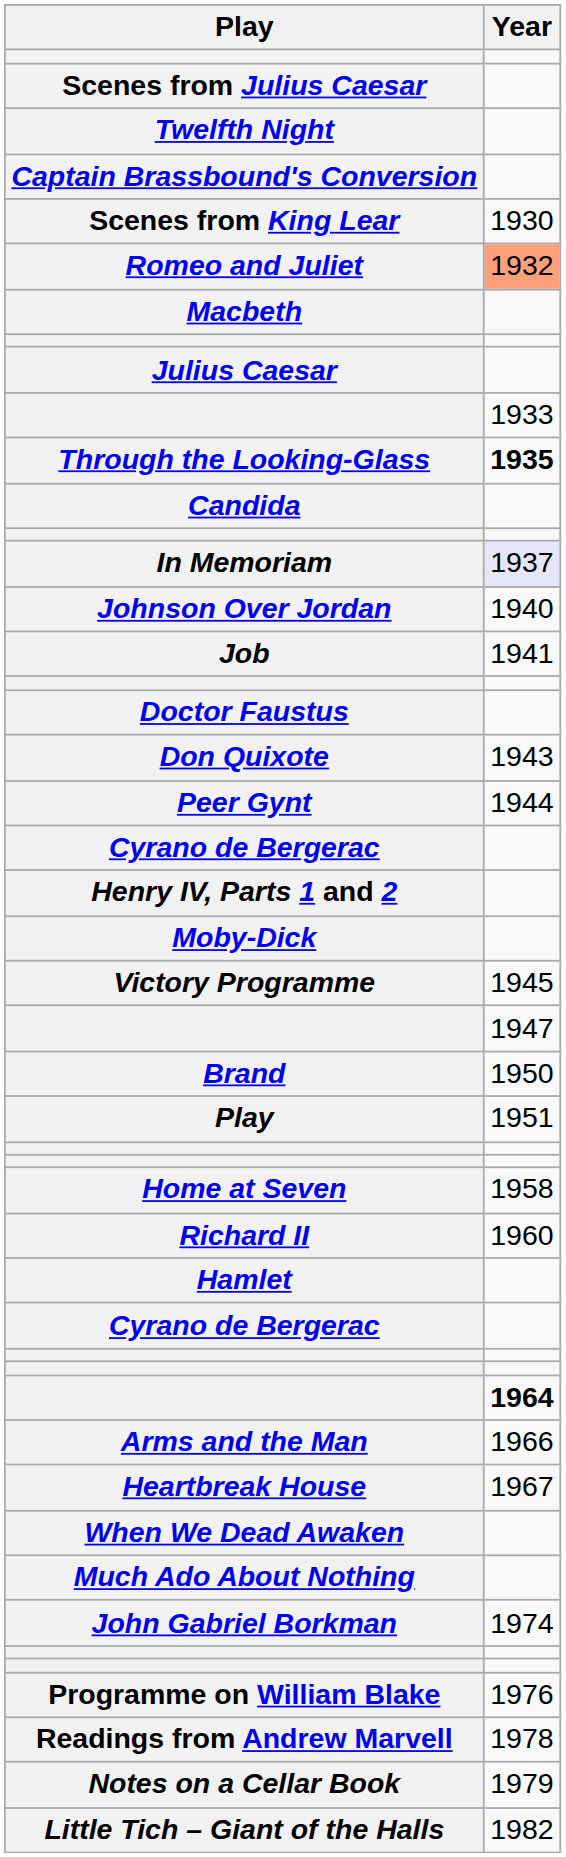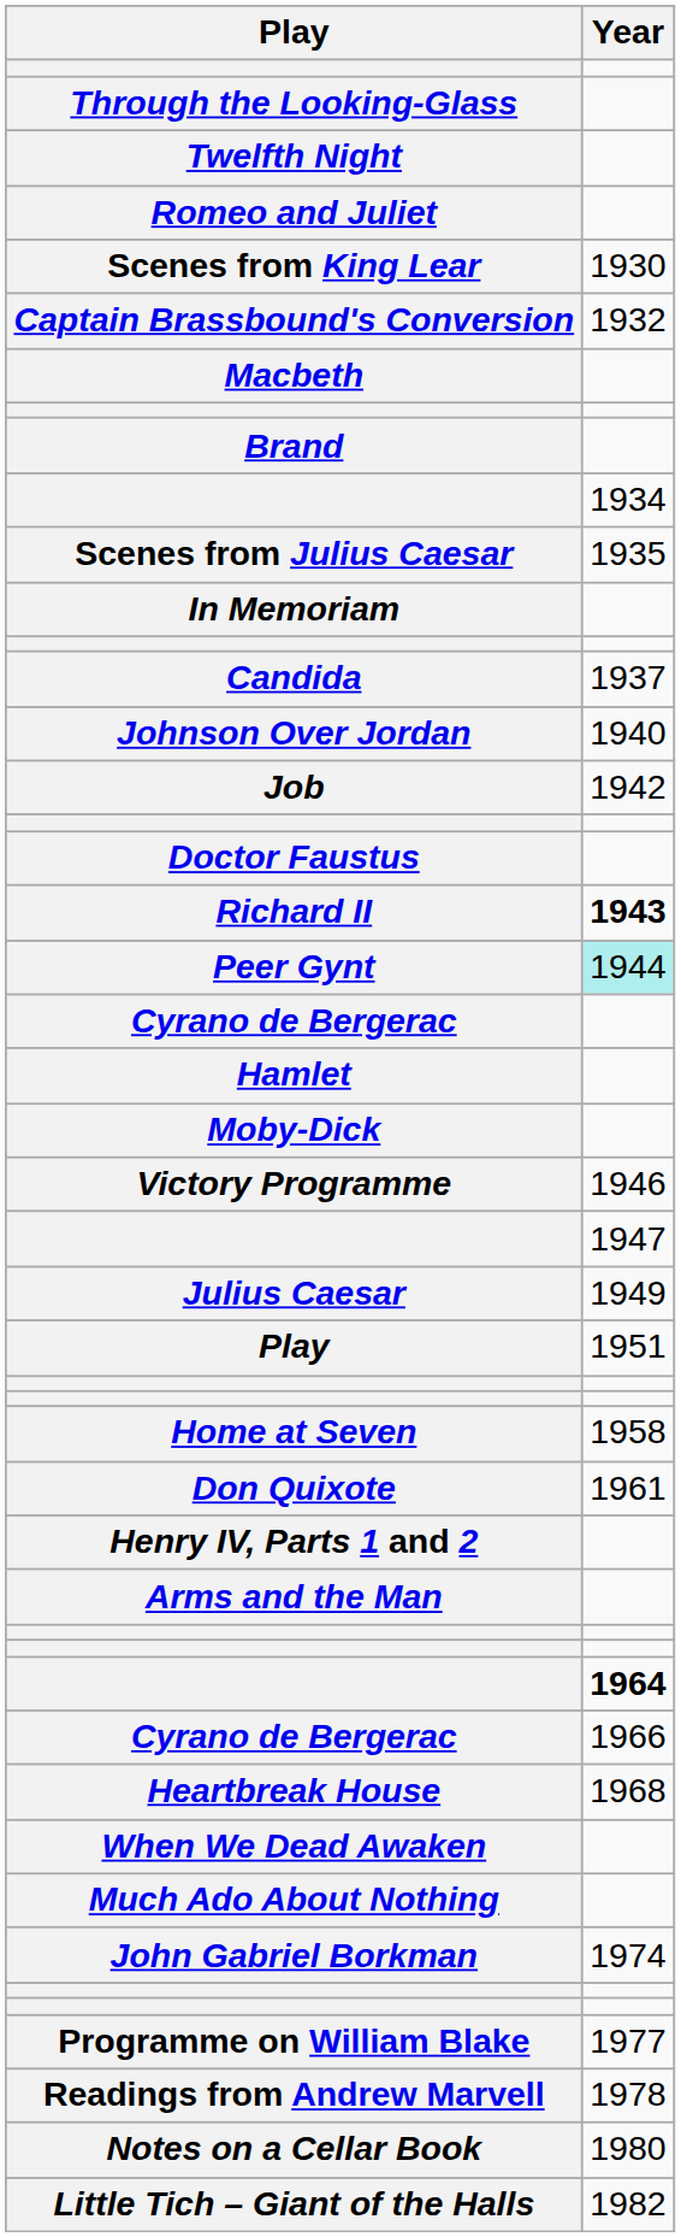 <table class="wikitable plainrowheaders sortable" style="margin-right: 0;">
 <tr>
 <th scope="col">Play</th>
 <th scope="col">Year</th>
 </tr>
 <tr>
 <th scope="row"></th>
 <td></td>
 </tr>
 <tr>
-<th scope="row">Scenes from <em><a href='#'>Julius Caesar</a></em></th>
+<th scope="row"><em><a href='#'>Through the Looking-Glass</a></em></th>
 <td></td>
 </tr>
 <tr>
 <th scope="row"><em><a href='#'>Twelfth Night</a></em></th>
 <td></td>
 </tr>
 <tr>
-<th scope="row"><em><a href='#'>Captain Brassbound's Conversion</a></em></th>
+<th scope="row"><em><a href='#'>Romeo and Juliet</a></em></th>
 <td></td>
 </tr>
 <tr>
 <th scope="row">Scenes from <em><a href='#'>King Lear</a></em></th>
 <td>1930</td>
 </tr>
 <tr>
-<th scope="row"><em><a href='#'>Romeo and Juliet</a></em></th>
-<td style="background: lightsalmon;">1932</td>
+<th scope="row"><em><a href='#'>Captain Brassbound's Conversion</a></em></th>
+<td>1932</td>
 </tr>
 <tr>
 <th scope="row"><em><a href='#'>Macbeth</a></em></th>
 <td></td>
 </tr>
 <tr>
 <th scope="row"></th>
 <td></td>
 </tr>
 <tr>
-<th scope="row"><em><a href='#'>Julius Caesar</a></em></th>
+<th scope="row"><em><a href='#'>Brand</a></em></th>
 <td></td>
 </tr>
 <tr>
 <th scope="row"></th>
-<td>1933</td>
+<td>1934</td>
 </tr>
 <tr>
-<th scope="row"><em><a href='#'>Through the Looking-Glass</a></em></th>
-<td><strong>1935</strong></td>
+<th scope="row">Scenes from <em><a href='#'>Julius Caesar</a></em></th>
+<td>1935</td>
 </tr>
 <tr>
-<th scope="row"><em><a href='#'>Candida</a></em></th>
+<th scope="row"><em>In Memoriam</em></th>
 <td></td>
 </tr>
 <tr>
 <th scope="row"></th>
 <td></td>
 </tr>
 <tr>
-<th scope="row"><em>In Memoriam</em></th>
-<td style="background: lavender;">1937</td>
+<th scope="row"><em><a href='#'>Candida</a></em></th>
+<td>1937</td>
 </tr>
 <tr>
 <th scope="row"><em><a href='#'>Johnson Over Jordan</a></em></th>
 <td>1940</td>
 </tr>
 <tr>
 <th scope="row"><em>Job</em></th>
-<td>1941</td>
+<td>1942</td>
 </tr>
 <tr>
 <th scope="row"></th>
 <td></td>
 </tr>
 <tr>
 <th scope="row"><em><a href='#'>Doctor Faustus</a></em></th>
 <td></td>
 </tr>
 <tr>
-<th scope="row"><em><a href='#'>Don Quixote</a></em></th>
-<td>1943</td>
+<th scope="row"><em><a href='#'>Richard II</a></em></th>
+<td><strong>1943</strong></td>
 </tr>
 <tr>
 <th scope="row"><em><a href='#'>Peer Gynt</a></em></th>
-<td>1944</td>
+<td style="background: paleturquoise;">1944</td>
 </tr>
 <tr>
 <th scope="row"><em><a href='#'>Cyrano de Bergerac</a></em></th>
 <td></td>
 </tr>
 <tr>
-<th scope="row"><em>Henry IV, Parts</em> <em><a href='#'>1</a></em> and <em><a href='#'>2</a></em></th>
+<th scope="row"><em><a href='#'>Hamlet</a></em></th>
 <td></td>
 </tr>
 <tr>
 <th scope="row"><em><a href='#'>Moby-Dick</a></em></th>
 <td></td>
 </tr>
 <tr>
 <th scope="row"><em>Victory Programme</em></th>
-<td>1945</td>
+<td>1946</td>
 </tr>
 <tr>
 <th scope="row"></th>
 <td>1947</td>
 </tr>
 <tr>
-<th scope="row"><em><a href='#'>Brand</a></em></th>
-<td>1950</td>
+<th scope="row"><em><a href='#'>Julius Caesar</a></em></th>
+<td>1949</td>
 </tr>
 <tr>
 <th scope="row"><em>Play</em></th>
 <td>1951</td>
 </tr>
 <tr>
 <th scope="row"></th>
 <td></td>
 </tr>
 <tr>
 <th scope="row"></th>
 <td></td>
 </tr>
 <tr>
 <th scope="row"><em><a href='#'>Home at Seven</a></em></th>
 <td>1958</td>
 </tr>
 <tr>
-<th scope="row"><em><a href='#'>Richard II</a></em></th>
-<td>1960</td>
+<th scope="row"><em><a href='#'>Don Quixote</a></em></th>
+<td>1961</td>
 </tr>
 <tr>
-<th scope="row"><em><a href='#'>Hamlet</a></em></th>
+<th scope="row"><em>Henry IV, Parts</em> <em><a href='#'>1</a></em> and <em><a href='#'>2</a></em></th>
 <td></td>
 </tr>
 <tr>
-<th scope="row"><em><a href='#'>Cyrano de Bergerac</a></em></th>
+<th scope="row"><em><a href='#'>Arms and the Man</a></em></th>
 <td></td>
 </tr>
 <tr>
 <th scope="row"></th>
 <td></td>
 </tr>
 <tr>
 <th scope="row"></th>
 <td></td>
 </tr>
 <tr>
 <th scope="row"></th>
 <td><strong>1964</strong></td>
 </tr>
 <tr>
-<th scope="row"><em><a href='#'>Arms and the Man</a></em></th>
+<th scope="row"><em><a href='#'>Cyrano de Bergerac</a></em></th>
 <td>1966</td>
 </tr>
 <tr>
 <th scope="row"><em><a href='#'>Heartbreak House</a></em></th>
-<td>1967</td>
+<td>1968</td>
 </tr>
 <tr>
 <th scope="row"><em><a href='#'>When We Dead Awaken</a></em></th>
 <td></td>
 </tr>
 <tr>
 <th scope="row"><em><a href='#'>Much Ado About Nothing</a></em></th>
 <td></td>
 </tr>
 <tr>
 <th scope="row"><em><a href='#'>John Gabriel Borkman</a></em></th>
 <td>1974</td>
 </tr>
 <tr>
 <th scope="row"></th>
 <td></td>
 </tr>
 <tr>
 <th scope="row"></th>
 <td></td>
 </tr>
 <tr>
 <th scope="row">Programme on <a href='#'>William Blake</a></th>
-<td>1976</td>
+<td>1977</td>
 </tr>
 <tr>
 <th scope="row">Readings from <a href='#'>Andrew Marvell</a></th>
 <td>1978</td>
 </tr>
 <tr>
 <th scope="row"><em>Notes on a Cellar Book</em></th>
-<td>1979</td>
+<td>1980</td>
 </tr>
 <tr>
 <th scope="row"><em>Little Tich – Giant of the Halls</em></th>
 <td>1982</td>
 </tr>
 </table>
